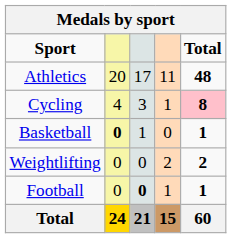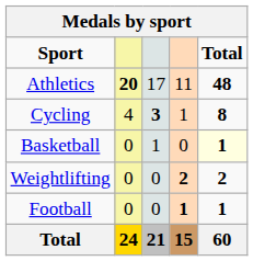 <table class="wikitable" style="font-size:95%; float:right;">
 <tr style="background:#efefef;">
 <th colspan=7>Medals by sport</th>
 </tr>
 <tr align=center>
 <td><strong>Sport</strong></td>
 <td style="background:#f7f6a8;"></td>
 <td style="background:#dce5e5;"></td>
 <td style="background:#ffdab9;"></td>
 <td><strong>Total</strong></td>
 </tr>
 <tr align=center>
 <td><a href='#'>Athletics</a></td>
-<td style="background:#F7F6A8;">20</td>
+<td style="background:#F7F6A8;"><strong>20</strong></td>
 <td style="background:#DCE5E5;">17</td>
 <td style="background:#FFDAB9;">11</td>
 <td><strong>48</strong></td>
 </tr>
 <tr align=center>
 <td><a href='#'>Cycling</a></td>
 <td style="background:#F7F6A8;">4</td>
-<td style="background:#DCE5E5;">3</td>
+<td style="background:#DCE5E5;"><strong>3</strong></td>
 <td style="background:#FFDAB9;">1</td>
-<td style="background: pink;"><strong>8</strong></td>
+<td><strong>8</strong></td>
 </tr>
 <tr align=center>
 <td><a href='#'>Basketball</a></td>
-<td style="background:#F7F6A8;"><strong>0</strong></td>
+<td style="background:#F7F6A8;">0</td>
 <td style="background:#DCE5E5;">1</td>
 <td style="background:#FFDAB9;">0</td>
-<td><strong>1</strong></td>
+<td style="background: lightyellow;"><strong>1</strong></td>
 </tr>
 <tr align=center>
 <td><a href='#'>Weightlifting</a></td>
 <td style="background:#F7F6A8;">0</td>
 <td style="background:#DCE5E5;">0</td>
-<td style="background:#FFDAB9;">2</td>
+<td style="background:#FFDAB9;"><strong>2</strong></td>
 <td><strong>2</strong></td>
 </tr>
 <tr align=center>
 <td><a href='#'>Football</a></td>
 <td style="background:#F7F6A8;">0</td>
-<td style="background:#DCE5E5;"><strong>0</strong></td>
-<td style="background:#FFDAB9;">1</td>
+<td style="background:#DCE5E5;">0</td>
+<td style="background:#FFDAB9;"><strong>1</strong></td>
 <td><strong>1</strong></td>
 </tr>
 <tr align=center>
 <th>Total</th>
 <th style="background:gold;">24</th>
 <th style="background:silver;">21</th>
 <th style="background:#c96;">15</th>
 <th>60</th>
 </tr>
 </table>
